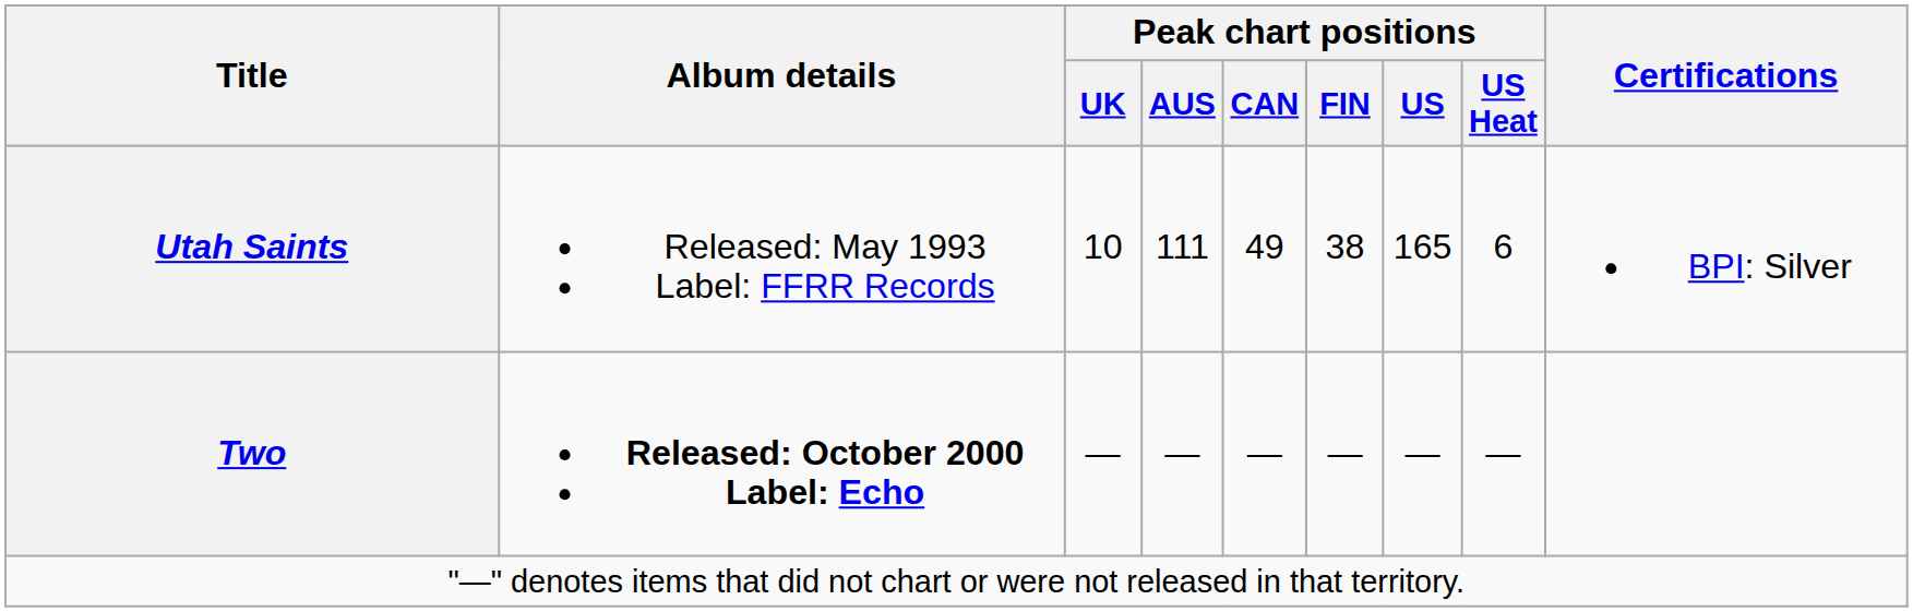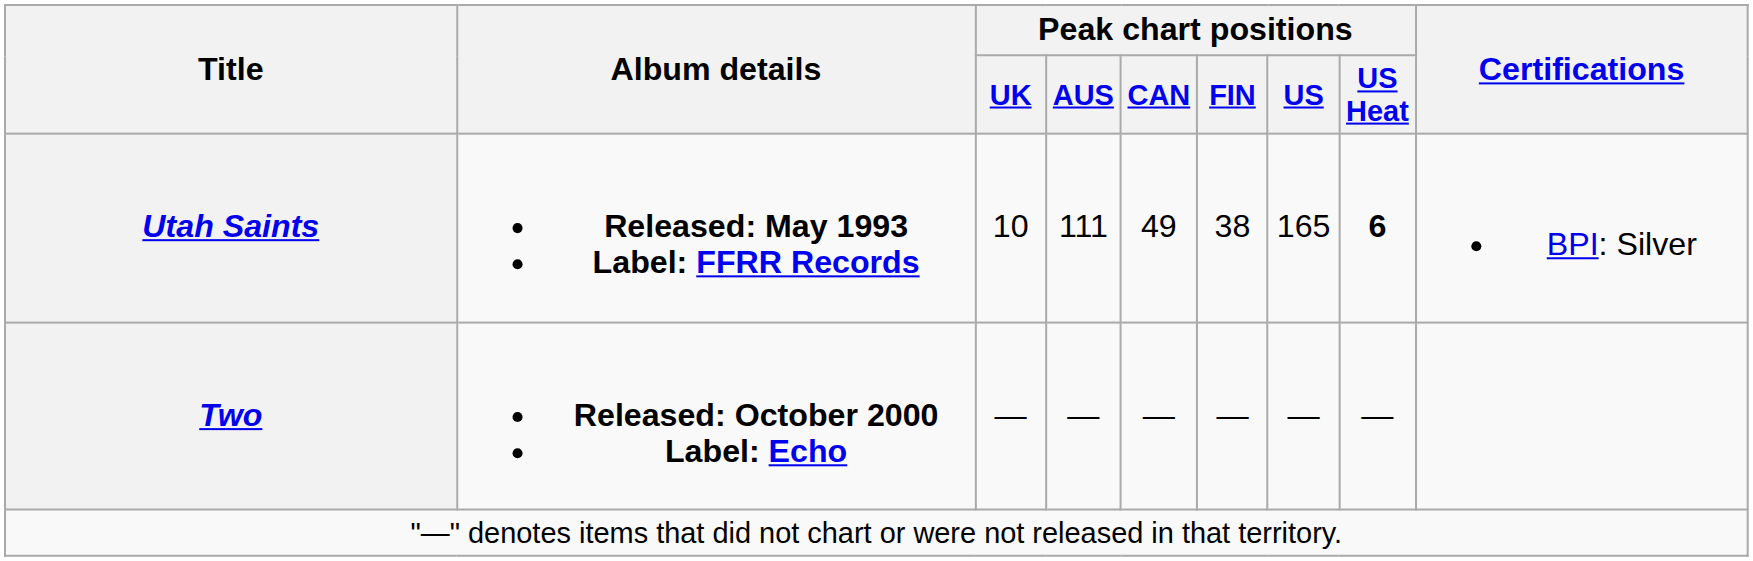 <table class="wikitable plainrowheaders" style="text-align:center;">
 <tr>
 <th scope="col" rowspan="2" style="width:14em;">Title</th>
 <th scope="col" rowspan="2" style="width:16em;">Album details</th>
 <th scope="col" colspan="6">Peak chart positions</th>
 <th rowspan="2" style="width:10em;"><a href='#'>Certifications</a></th>
 </tr>
 <tr>
 <th style="width:2em;font-size:90%;"><a href='#'>UK</a><br></th>
 <th style="width:2em;font-size:90%;"><a href='#'>AUS</a><br></th>
 <th style="width:2em;font-size:90%;"><a href='#'>CAN</a><br></th>
 <th style="width:2em;font-size:90%;"><a href='#'>FIN</a><br></th>
 <th style="width:2em;font-size:90%;"><a href='#'>US</a><br></th>
 <th style="width:2em;font-size:90%;"><a href='#'>US<br>Heat</a><br></th>
 </tr>
 <tr>
 <th scope="row"><em><a href='#'>Utah Saints</a></em></th>
-<td><br><ul><li>Released: May 1993</li><li>Label: <a href='#'>FFRR Records</a></li></ul></td>
+<td><strong><br><ul><li>Released: May 1993</li><li>Label: <a href='#'>FFRR Records</a></li></ul></strong></td>
 <td>10</td>
 <td>111</td>
 <td>49</td>
 <td>38</td>
 <td>165</td>
-<td>6</td>
+<td><strong>6</strong></td>
 <td><br><ul><li><a href='#'>BPI</a>: Silver</li></ul></td>
 </tr>
 <tr>
 <th scope="row"><em><a href='#'>Two</a></em></th>
 <td><strong><br><ul><li>Released: October 2000</li><li>Label: <a href='#'>Echo</a></li></ul></strong></td>
 <td>—</td>
 <td>—</td>
 <td>—</td>
 <td>—</td>
 <td>—</td>
 <td>—</td>
 <td></td>
 </tr>
 <tr>
 <td align="center" colspan="15" style="font-size:90%">"—" denotes items that did not chart or were not released in that territory.</td>
 </tr>
 </table>
